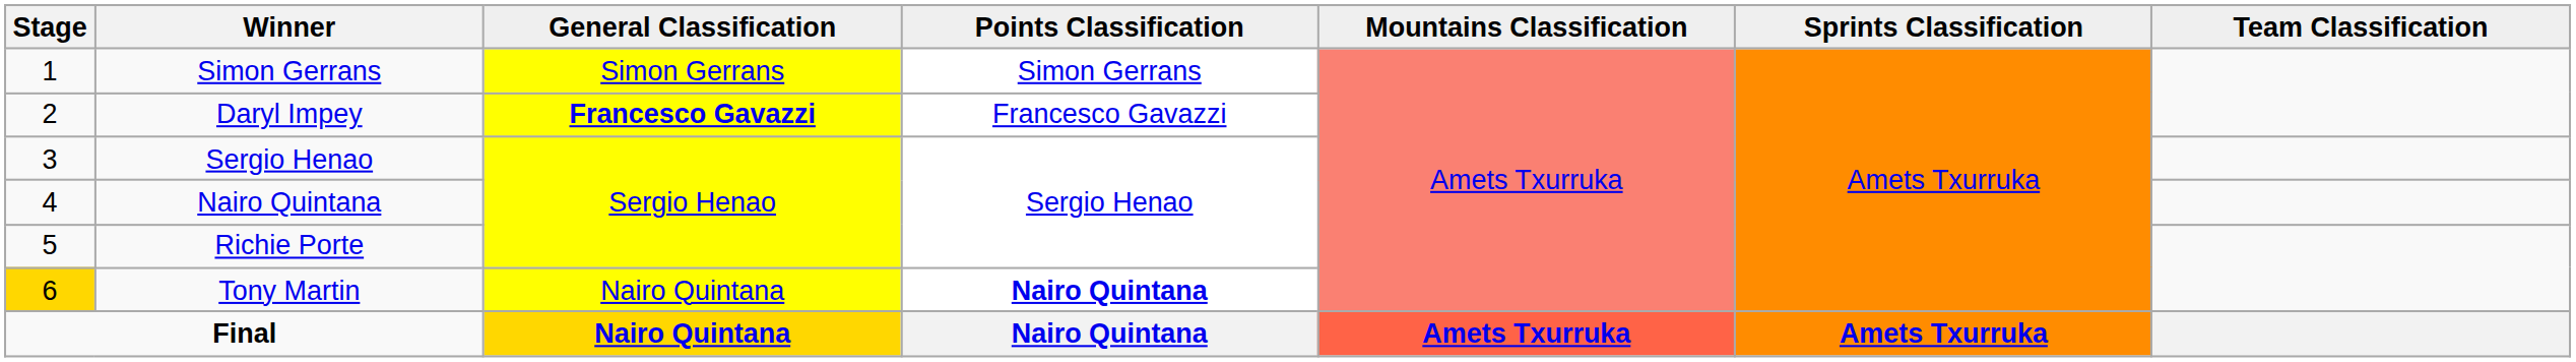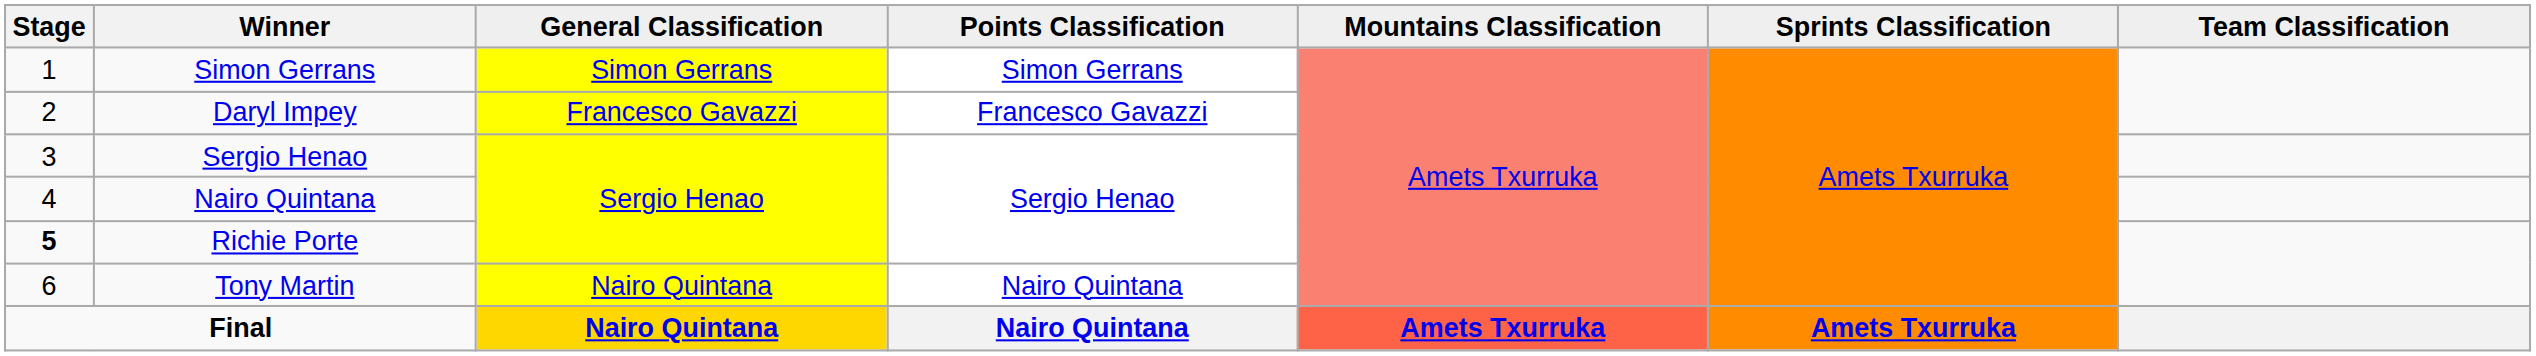 <table class="wikitable" style="text-align: center; font-size:smaller;">
 <tr>
 <th width="1%">Stage</th>
 <th width="14%">Winner</th>
 <th style="background:#EFEFEF;" width="15%">General Classification<br></th>
 <th style="background:#EFEFEF;" width="15%">Points Classification<br></th>
 <th style="background:#EFEFEF;" width="15%">Mountains Classification<br></th>
 <th style="background:#EFEFEF;" width="15%">Sprints Classification<br></th>
 <th style="background:#EFEFEF;" width="15%">Team Classification</th>
 </tr>
 <tr>
 <td>1</td>
 <td><a href='#'>Simon Gerrans</a></td>
 <td style="background-color:yellow;"><a href='#'>Simon Gerrans</a></td>
 <td style="background-color:white;"><a href='#'>Simon Gerrans</a></td>
 <td style="background-color:salmon;" rowspan=6><a href='#'>Amets Txurruka</a></td>
 <td style="background:#FF8C00;" rowspan=6><a href='#'>Amets Txurruka</a></td>
 <td style="background-color:offwhite;" rowspan=2></td>
 </tr>
 <tr>
 <td>2</td>
 <td><a href='#'>Daryl Impey</a></td>
-<td style="background-color:yellow;"><strong><a href='#'>Francesco Gavazzi</a></strong></td>
+<td style="background-color:yellow;"><a href='#'>Francesco Gavazzi</a></td>
 <td style="background-color:white;"><a href='#'>Francesco Gavazzi</a></td>
 </tr>
 <tr>
 <td>3</td>
 <td><a href='#'>Sergio Henao</a></td>
 <td style="background-color:yellow;" rowspan=3><a href='#'>Sergio Henao</a></td>
 <td style="background-color:white;" rowspan=3><a href='#'>Sergio Henao</a></td>
 <td style="background-color:offwhite;"></td>
 </tr>
 <tr>
 <td>4</td>
 <td><a href='#'>Nairo Quintana</a></td>
 <td style="background-color:offwhite;"></td>
 </tr>
 <tr>
-<td>5</td>
+<td><strong>5</strong></td>
 <td><a href='#'>Richie Porte</a></td>
 <td style="background-color:offwhite;" rowspan=2></td>
 </tr>
 <tr>
-<td style="background: gold;">6</td>
+<td>6</td>
 <td><a href='#'>Tony Martin</a></td>
 <td style="background-color:yellow;"><a href='#'>Nairo Quintana</a></td>
-<td style="background-color:white;"><strong><a href='#'>Nairo Quintana</a></strong></td>
+<td style="background-color:white;"><a href='#'>Nairo Quintana</a></td>
 </tr>
 <tr>
 <td colspan="2"><strong>Final</strong><br></td>
 <th style="background-color:gold;"><a href='#'>Nairo Quintana</a></th>
 <th style="background-color:offwhite;"><a href='#'>Nairo Quintana</a></th>
 <th style="background-color:tomato;"><a href='#'>Amets Txurruka</a></th>
 <th style="background:#FF8C00;"><a href='#'>Amets Txurruka</a></th>
 <th style="background-color:offwhite;"></th>
 </tr>
 </table>
